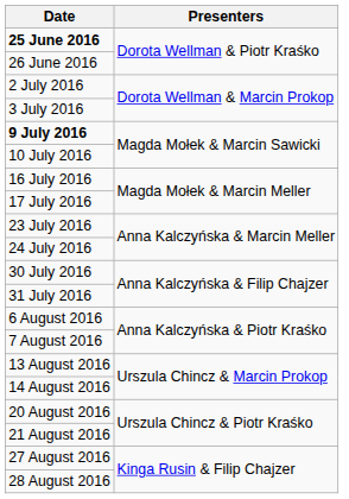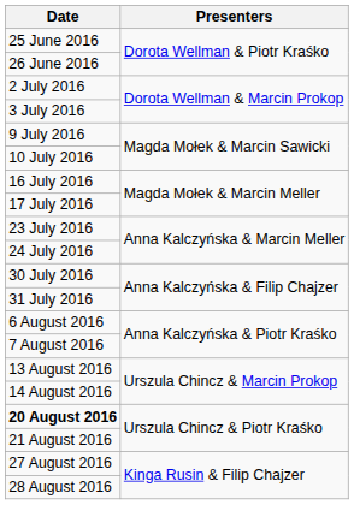 <table class="wikitable" style="font-size:100%;">
 <tr>
 <th>Date</th>
 <th>Presenters</th>
 </tr>
 <tr>
-<td><strong>25 June 2016</strong></td>
+<td>25 June 2016</td>
 <td rowspan=2><a href='#'>Dorota Wellman</a> & Piotr Kraśko</td>
 </tr>
 <tr>
 <td>26 June 2016</td>
 </tr>
 <tr>
 <td>2 July 2016</td>
 <td rowspan=2><a href='#'>Dorota Wellman</a> & <a href='#'>Marcin Prokop</a></td>
 </tr>
 <tr>
 <td>3 July 2016</td>
 </tr>
 <tr>
-<td><strong>9 July 2016</strong></td>
+<td>9 July 2016</td>
 <td rowspan=2>Magda Mołek & Marcin Sawicki</td>
 </tr>
 <tr>
 <td>10 July 2016</td>
 </tr>
 <tr>
 <td>16 July 2016</td>
 <td rowspan=2>Magda Mołek & Marcin Meller</td>
 </tr>
 <tr>
 <td>17 July 2016</td>
 </tr>
 <tr>
 <td>23 July 2016</td>
 <td rowspan=2>Anna Kalczyńska & Marcin Meller</td>
 </tr>
 <tr>
 <td>24 July 2016</td>
 </tr>
 <tr>
 <td>30 July 2016</td>
 <td rowspan=2>Anna Kalczyńska & Filip Chajzer</td>
 </tr>
 <tr>
 <td>31 July 2016</td>
 </tr>
 <tr>
 <td>6 August 2016</td>
 <td rowspan=2>Anna Kalczyńska & Piotr Kraśko</td>
 </tr>
 <tr>
 <td>7 August 2016</td>
 </tr>
 <tr>
 <td>13 August 2016</td>
 <td rowspan=2>Urszula Chincz & <a href='#'>Marcin Prokop</a></td>
 </tr>
 <tr>
 <td>14 August 2016</td>
 </tr>
 <tr>
-<td>20 August 2016</td>
+<td><strong>20 August 2016</strong></td>
 <td rowspan=2>Urszula Chincz & Piotr Kraśko</td>
 </tr>
 <tr>
 <td>21 August 2016</td>
 </tr>
 <tr>
 <td>27 August 2016</td>
 <td rowspan=2><a href='#'>Kinga Rusin</a> & Filip Chajzer</td>
 </tr>
 <tr>
 <td>28 August 2016</td>
 </tr>
 </table>
